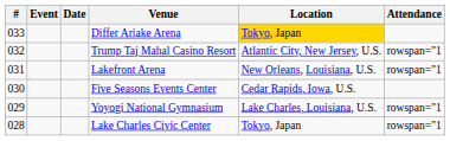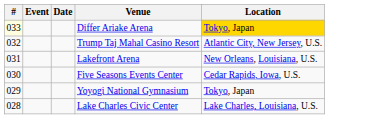 <table class="sortable wikitable succession-box" style="font-size:90%;">
 <tr>
 <th scope="col">#</th>
 <th scope="col">Event</th>
 <th scope="col">Date</th>
 <th scope="col">Venue</th>
 <th scope="col">Location</th>
-<th scope="col">Attendance</th>
 </tr>
 <tr>
-<td>033</td>
+<td style="background: lightyellow;">033</td>
 <td></td>
 <td></td>
 <td><a href='#'>Differ Ariake Arena</a></td>
 <td style="background: gold;"><a href='#'>Tokyo</a>, Japan</td>
-<td></td>
 </tr>
 <tr>
 <td>032</td>
 <td></td>
 <td></td>
 <td><a href='#'>Trump Taj Mahal Casino Resort</a></td>
 <td><a href='#'>Atlantic City, New Jersey</a>, U.S.</td>
-<td>rowspan="1 </td>
 </tr>
 <tr>
 <td>031</td>
 <td></td>
 <td></td>
 <td><a href='#'>Lakefront Arena</a></td>
 <td><a href='#'>New Orleans</a>, <a href='#'>Louisiana</a>, U.S.</td>
-<td>rowspan="1 </td>
 </tr>
 <tr>
 <td>030</td>
 <td></td>
 <td></td>
 <td><a href='#'>Five Seasons Events Center</a></td>
 <td><a href='#'>Cedar Rapids, Iowa</a>, U.S.</td>
-<td></td>
 </tr>
 <tr>
 <td>029</td>
 <td></td>
 <td></td>
 <td><a href='#'>Yoyogi National Gymnasium</a></td>
-<td><a href='#'>Lake Charles, Louisiana</a>, U.S.</td>
-<td>rowspan="1 </td>
+<td><a href='#'>Tokyo</a>, Japan</td>
 </tr>
 <tr>
 <td>028</td>
 <td></td>
 <td></td>
 <td><a href='#'>Lake Charles Civic Center</a></td>
-<td><a href='#'>Tokyo</a>, Japan</td>
-<td>rowspan="1 </td>
+<td><a href='#'>Lake Charles, Louisiana</a>, U.S.</td>
 </tr>
 </table>
